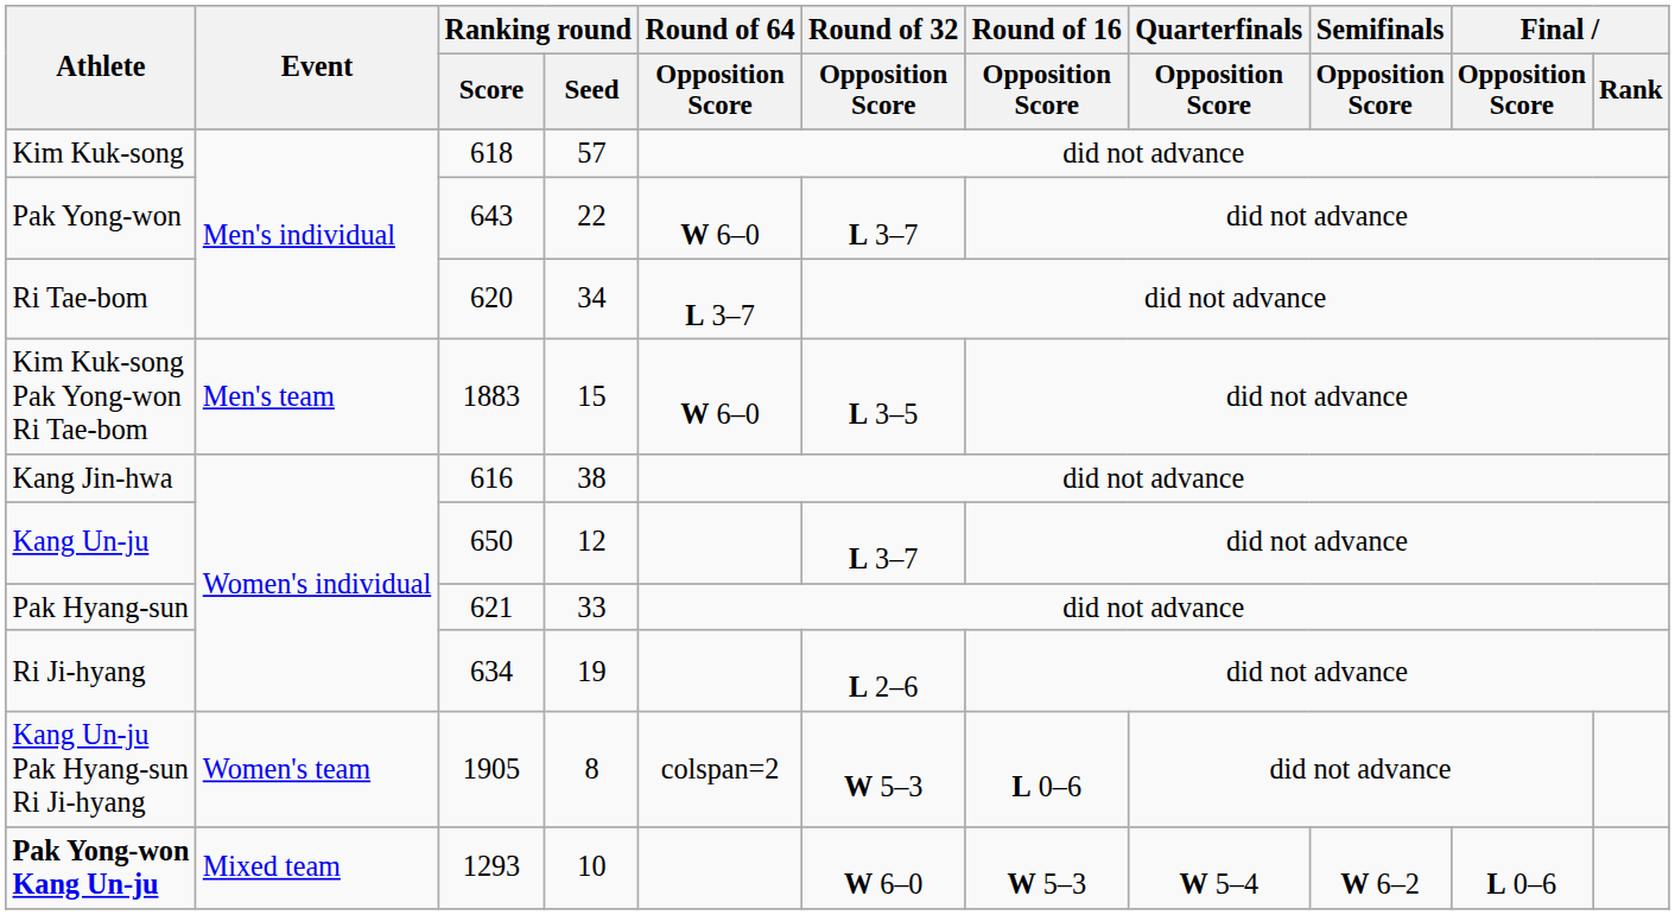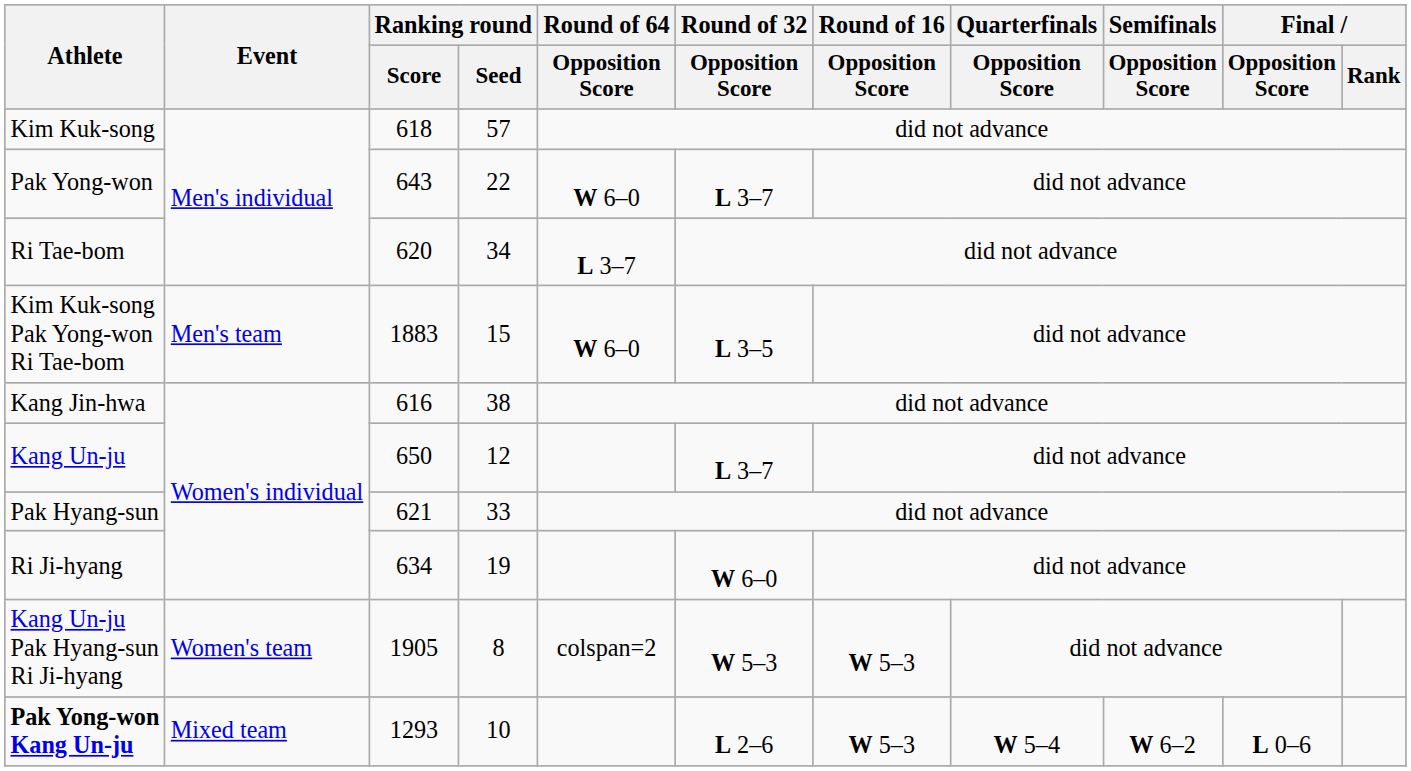 <table class="wikitable" style="font-size:90%; text-align:center;">
 <tr>
 <th rowspan="2">Athlete</th>
 <th rowspan="2">Event</th>
 <th colspan="2">Ranking round</th>
 <th>Round of 64</th>
 <th>Round of 32</th>
 <th>Round of 16</th>
 <th>Quarterfinals</th>
 <th>Semifinals</th>
 <th colspan=2>Final / </th>
 </tr>
 <tr style=font-size:95%>
 <th>Score</th>
 <th>Seed</th>
 <th>Opposition<br>Score</th>
 <th>Opposition<br>Score</th>
 <th>Opposition<br>Score</th>
 <th>Opposition<br>Score</th>
 <th>Opposition<br>Score</th>
 <th>Opposition<br>Score</th>
 <th>Rank</th>
 </tr>
 <tr>
 <td align=left>Kim Kuk-song</td>
 <td align=left rowspan=3><a href='#'>Men's individual</a></td>
 <td>618</td>
 <td>57</td>
 <td colspan=7>did not advance</td>
 </tr>
 <tr>
 <td align=left>Pak Yong-won</td>
 <td>643</td>
 <td>22</td>
 <td><br><strong>W</strong> 6–0</td>
 <td><br><strong>L</strong> 3–7</td>
 <td colspan=5>did not advance</td>
 </tr>
 <tr>
 <td align=left>Ri Tae-bom</td>
 <td>620</td>
 <td>34</td>
 <td><br><strong>L</strong> 3–7</td>
 <td colspan=6>did not advance</td>
 </tr>
 <tr>
 <td align=left>Kim Kuk-song<br>Pak Yong-won<br>Ri Tae-bom</td>
 <td align=left><a href='#'>Men's team</a></td>
 <td>1883</td>
 <td>15</td>
 <td><br><strong>W</strong> 6–0</td>
 <td><br><strong>L</strong> 3–5</td>
 <td colspan=5>did not advance</td>
 </tr>
 <tr>
 <td align=left>Kang Jin-hwa</td>
 <td align=left rowspan=4><a href='#'>Women's individual</a></td>
 <td>616</td>
 <td>38</td>
 <td colspan=7>did not advance</td>
 </tr>
 <tr>
 <td align=left><a href='#'>Kang Un-ju</a></td>
 <td>650</td>
 <td>12</td>
 <td></td>
 <td><br><strong>L</strong> 3–7</td>
 <td colspan=5>did not advance</td>
 </tr>
 <tr>
 <td align=left>Pak Hyang-sun</td>
 <td>621</td>
 <td>33</td>
 <td colspan=7>did not advance</td>
 </tr>
 <tr>
 <td align=left>Ri Ji-hyang</td>
 <td>634</td>
 <td>19</td>
 <td></td>
-<td><br><strong>L</strong> 2–6</td>
+<td><br><strong>W</strong> 6–0</td>
 <td colspan=5>did not advance</td>
 </tr>
 <tr>
 <td align=left><a href='#'>Kang Un-ju</a><br>Pak Hyang-sun<br>Ri Ji-hyang</td>
 <td align=left><a href='#'>Women's team</a></td>
 <td>1905</td>
 <td>8</td>
 <td>colspan=2</td>
 <td><br><strong>W</strong> 5–3</td>
-<td><br><strong>L</strong> 0–6</td>
+<td><br><strong>W</strong> 5–3</td>
 <td colspan=3>did not advance</td>
 </tr>
 <tr>
 <td align=left><strong>Pak Yong-won<br><a href='#'>Kang Un-ju</a></strong></td>
 <td align=left><a href='#'>Mixed team</a></td>
 <td>1293</td>
 <td>10</td>
 <td></td>
-<td><br><strong>W</strong> 6–0</td>
+<td><br><strong>L</strong> 2–6</td>
 <td><br><strong>W</strong> 5–3</td>
 <td><br><strong>W</strong> 5–4</td>
 <td><br><strong>W</strong> 6–2</td>
 <td><br><strong>L</strong> 0–6</td>
 <td></td>
 </tr>
 </table>
